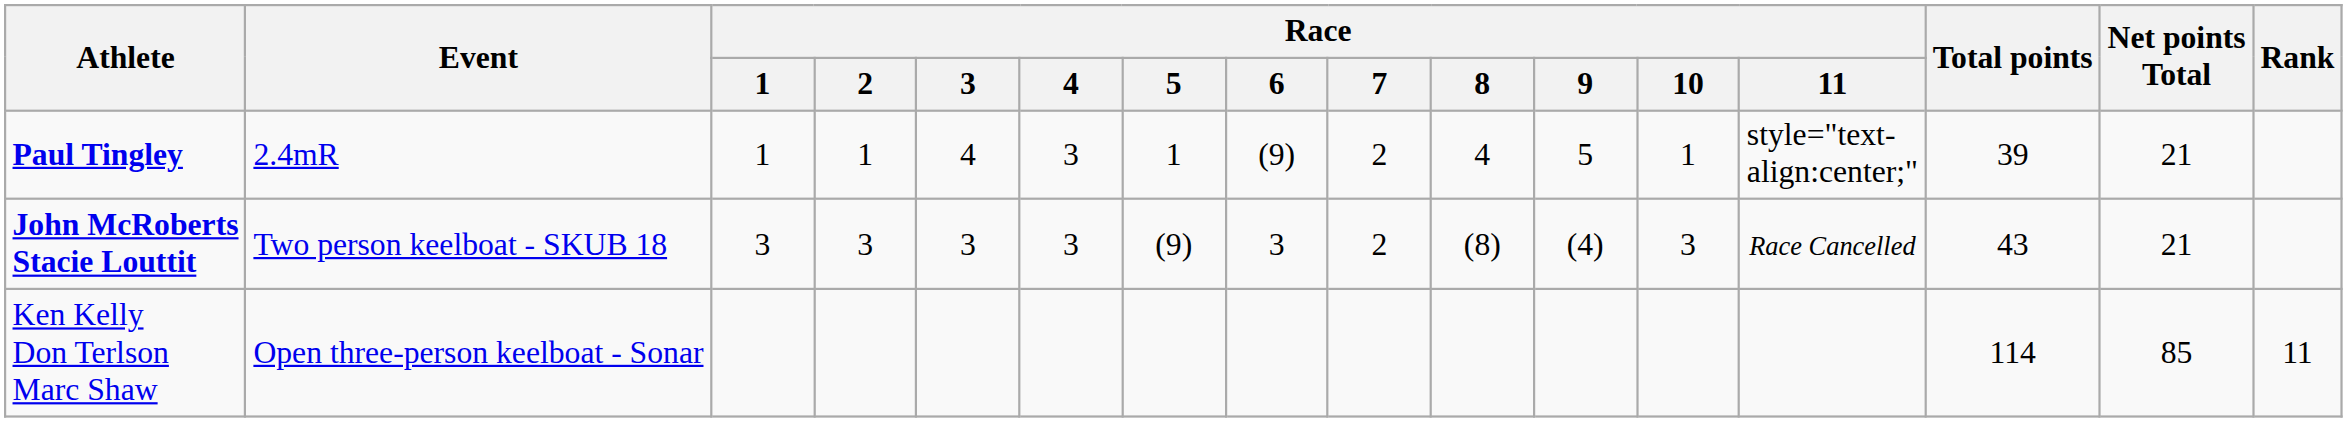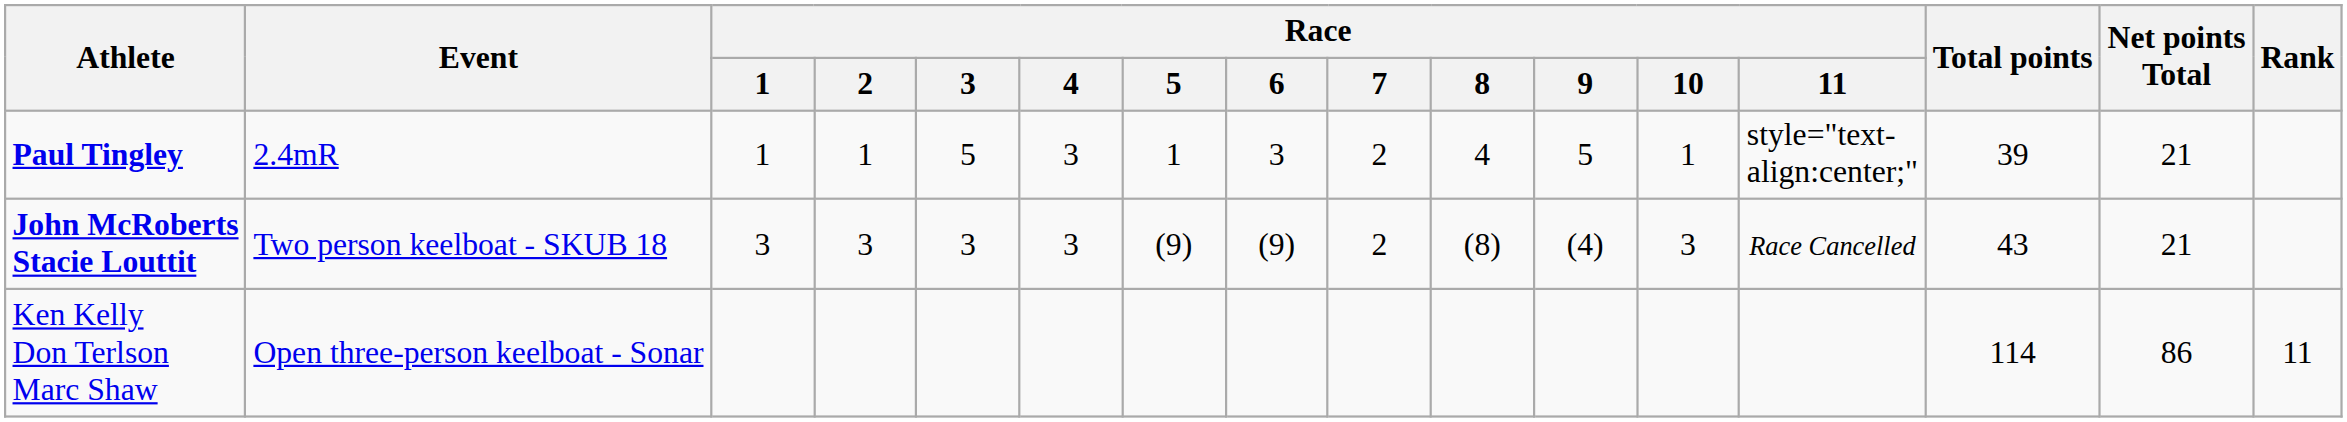 <table class=wikitable style="font-size:90%">
 <tr>
 <th rowspan="2">Athlete</th>
 <th rowspan="2">Event</th>
 <th colspan="11">Race</th>
 <th rowspan="2">Total points</th>
 <th rowspan="2">Net points<br>Total</th>
 <th rowspan="2">Rank</th>
 </tr>
 <tr>
 <th width="40">1</th>
 <th width="40">2</th>
 <th width="40">3</th>
 <th width="40">4</th>
 <th width="40">5</th>
 <th width="40">6</th>
 <th width="40">7</th>
 <th width="40">8</th>
 <th width="40">9</th>
 <th width="40">10</th>
 <th width="40">11</th>
 </tr>
 <tr>
 <td><strong><a href='#'>Paul Tingley</a></strong></td>
 <td><a href='#'>2.4mR</a></td>
 <td style="text-align:center;">1</td>
 <td style="text-align:center;">1</td>
-<td style="text-align:center;">4</td>
+<td style="text-align:center;">5</td>
 <td style="text-align:center;">3</td>
 <td style="text-align:center;">1</td>
-<td style="text-align:center;">(9)</td>
+<td style="text-align:center;">3</td>
 <td style="text-align:center;">2</td>
 <td style="text-align:center;">4</td>
 <td style="text-align:center;">5</td>
 <td style="text-align:center;">1</td>
 <td>style="text-align:center;" </td>
 <td style="text-align:center;">39</td>
 <td style="text-align:center;">21</td>
 <td style="text-align:center;"></td>
 </tr>
 <tr>
 <td><strong><a href='#'>John McRoberts</a></strong><br> <strong><a href='#'>Stacie Louttit</a></strong></td>
 <td><a href='#'>Two person keelboat - SKUB 18</a></td>
 <td style="text-align:center;">3</td>
 <td style="text-align:center;">3</td>
 <td style="text-align:center;">3</td>
 <td style="text-align:center;">3</td>
 <td style="text-align:center;">(9)</td>
-<td style="text-align:center;">3</td>
+<td style="text-align:center;">(9)</td>
 <td style="text-align:center;">2</td>
 <td style="text-align:center;">(8)</td>
 <td style="text-align:center;">(4)</td>
 <td style="text-align:center;">3</td>
 <td style="text-align:center;"><small><em>Race Cancelled</em></small></td>
 <td style="text-align:center;">43</td>
 <td style="text-align:center;">21</td>
 <td style="text-align:center;"></td>
 </tr>
 <tr>
 <td><a href='#'>Ken Kelly</a><br> <a href='#'>Don Terlson</a><br> <a href='#'>Marc Shaw</a></td>
 <td><a href='#'>Open three-person keelboat - Sonar</a></td>
 <td style="text-align:center;"></td>
 <td style="text-align:center;"></td>
 <td style="text-align:center;"></td>
 <td style="text-align:center;"></td>
 <td style="text-align:center;"></td>
 <td style="text-align:center;"></td>
 <td style="text-align:center;"></td>
 <td style="text-align:center;"></td>
 <td style="text-align:center;"></td>
 <td style="text-align:center;"></td>
 <td style="text-align:center;"></td>
 <td style="text-align:center;">114</td>
-<td style="text-align:center;">85</td>
+<td style="text-align:center;">86</td>
 <td style="text-align:center;">11</td>
 </tr>
 </table>
